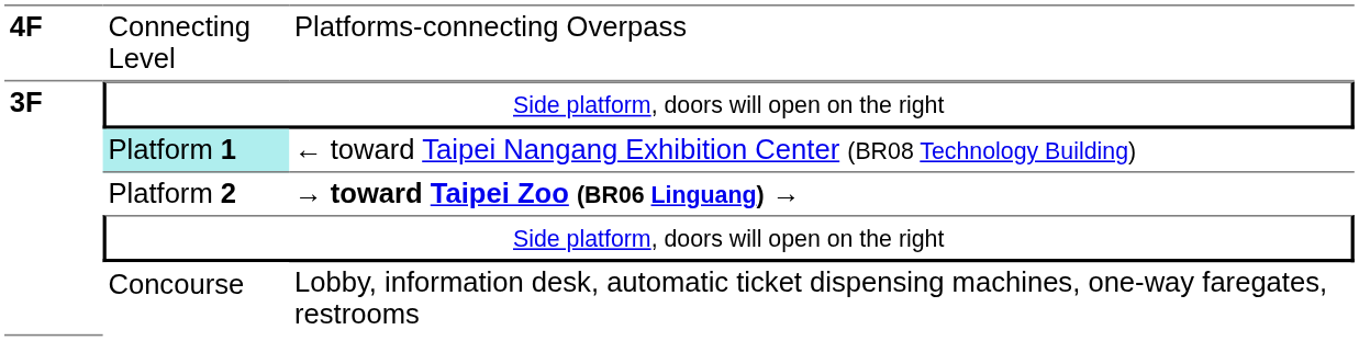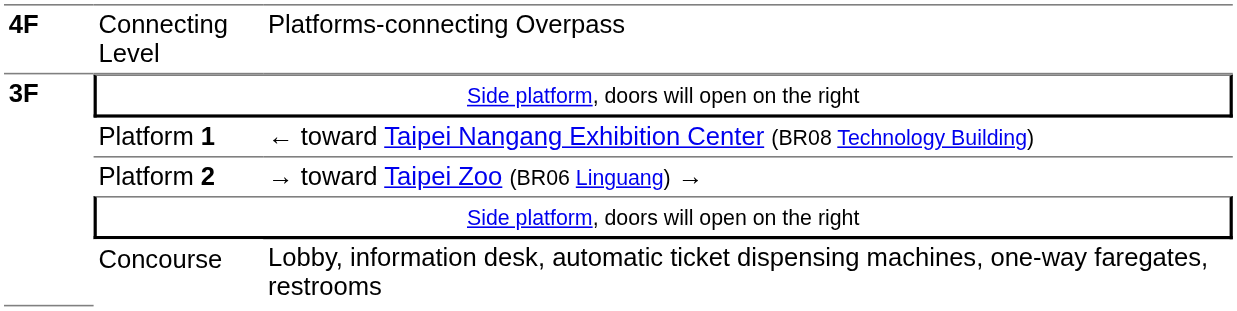 <table table border=0 cellspacing=0 cellpadding=3>
 <tr>
 <td style="border-bottom:solid 1px gray;border-top:solid 1px gray;" width=50 valign=top><strong>4F</strong></td>
 <td style="border-top:solid 1px gray;border-bottom:solid 1px gray;" width=100 valign=top>Connecting Level</td>
 <td style="border-top:solid 1px gray;border-bottom:solid 1px gray;" width=600 valign=top>Platforms-connecting Overpass</td>
 </tr>
 <tr>
 <td style="border-bottom:solid 1px gray;" width=50 rowspan=10 valign=top><strong>3F</strong></td>
 </tr>
 <tr>
 <td style="border-right:solid 2px black;border-left:solid 2px black;border-bottom:solid 2px black;border-top:solid 1px gray;text-align:center;" colspan=2><small><a href='#'>Side platform</a>, doors will open on the right</small></td>
 </tr>
 <tr>
-<td style="background: paleturquoise; border-bottom:solid 1px gray;" width=100>Platform <span><strong>1</strong></span></td>
+<td style="border-bottom:solid 1px gray;" width=100>Platform <span><strong>1</strong></span></td>
 <td style="border-bottom:solid 1px gray;" width=600>← toward <a href='#'>Taipei Nangang Exhibition Center</a> <small>(BR08 <a href='#'>Technology Building</a>)</small></td>
 </tr>
 <tr>
 <td>Platform <span><strong>2</strong></span></td>
-<td><strong><span>→</span> toward <a href='#'>Taipei Zoo</a> <small>(BR06 <a href='#'>Linguang</a>)</small> →</strong></td>
+<td><span>→</span> toward <a href='#'>Taipei Zoo</a> <small>(BR06 <a href='#'>Linguang</a>)</small> →</td>
 </tr>
 <tr>
 <td style="border-right:solid 2px black;border-left:solid 2px black;border-bottom:solid 2px black;border-top:solid 1px gray;text-align:center;" colspan=2><small><a href='#'>Side platform</a>, doors will open on the right</small></td>
 </tr>
 <tr>
 <td style="border-top:solid 1px white;" rowspan=2 valign=top>Concourse</td>
 </tr>
 <tr>
 <td>Lobby, information desk, automatic ticket dispensing machines, one-way faregates, restrooms</td>
 </tr>
 <tr>
 </tr>
 </table>
